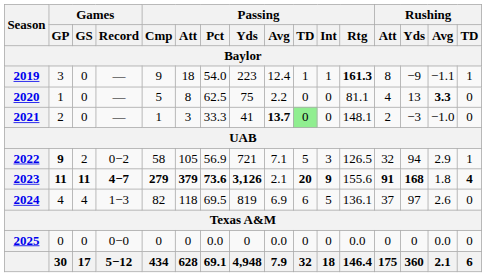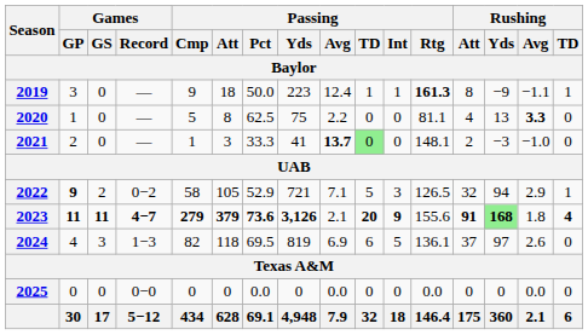 <table class="wikitable" style="text-align:center;">
 <tr>
 <th rowspan="2">Season</th>
 <th colspan="3">Games</th>
 <th colspan="8">Passing</th>
 <th colspan="5">Rushing</th>
 </tr>
 <tr>
 <th>GP</th>
 <th>GS</th>
 <th>Record</th>
 <th>Cmp</th>
 <th>Att</th>
 <th>Pct</th>
 <th>Yds</th>
 <th>Avg</th>
 <th>TD</th>
 <th>Int</th>
 <th>Rtg</th>
 <th>Att</th>
 <th>Yds</th>
 <th>Avg</th>
 <th>TD</th>
 </tr>
 <tr>
 <th colspan="16">Baylor</th>
 </tr>
 <tr>
 <th><a href='#'>2019</a></th>
 <td>3</td>
 <td>0</td>
 <td>—</td>
 <td>9</td>
 <td>18</td>
-<td>54.0</td>
+<td>50.0</td>
 <td>223</td>
 <td>12.4</td>
 <td>1</td>
 <td>1</td>
 <td><strong>161.3</strong></td>
 <td>8</td>
 <td>−9</td>
 <td>−1.1</td>
 <td>1</td>
 </tr>
 <tr>
 <th><a href='#'>2020</a></th>
 <td>1</td>
 <td>0</td>
 <td>—</td>
 <td>5</td>
 <td>8</td>
 <td>62.5</td>
 <td>75</td>
 <td>2.2</td>
 <td>0</td>
 <td>0</td>
 <td>81.1</td>
 <td>4</td>
 <td>13</td>
 <td><strong>3.3</strong></td>
 <td>0</td>
 </tr>
 <tr>
 <th><a href='#'>2021</a></th>
 <td>2</td>
 <td>0</td>
 <td>—</td>
 <td>1</td>
 <td>3</td>
 <td>33.3</td>
 <td>41</td>
 <td><strong>13.7</strong></td>
 <td style="background: lightgreen;">0</td>
 <td>0</td>
 <td>148.1</td>
 <td>2</td>
 <td>−3</td>
 <td>−1.0</td>
 <td>0</td>
 </tr>
 <tr>
 <th colspan="16">UAB</th>
 </tr>
 <tr>
 <th><a href='#'>2022</a></th>
 <td><strong>9</strong></td>
 <td>2</td>
 <td>0−2</td>
 <td>58</td>
 <td>105</td>
-<td>56.9</td>
+<td>52.9</td>
 <td>721</td>
 <td>7.1</td>
 <td>5</td>
 <td>3</td>
 <td>126.5</td>
 <td>32</td>
 <td>94</td>
 <td>2.9</td>
 <td>1</td>
 </tr>
 <tr>
 <th><a href='#'>2023</a></th>
 <td><strong>11</strong></td>
 <td><strong>11</strong></td>
 <td><strong>4−7</strong></td>
 <td><strong>279</strong></td>
 <td><strong>379</strong></td>
 <td><strong>73.6</strong></td>
 <td><strong>3,126</strong></td>
 <td>2.1</td>
 <td><strong>20</strong></td>
 <td><strong>9</strong></td>
 <td>155.6</td>
 <td><strong>91</strong></td>
-<td><strong>168</strong></td>
+<td style="background: lightgreen;"><strong>168</strong></td>
 <td>1.8</td>
 <td><strong>4</strong></td>
 </tr>
 <tr>
 <th><a href='#'>2024</a></th>
 <td>4</td>
-<td>4</td>
+<td>3</td>
 <td>1−3</td>
 <td>82</td>
 <td>118</td>
 <td>69.5</td>
 <td>819</td>
 <td>6.9</td>
 <td>6</td>
 <td>5</td>
 <td>136.1</td>
 <td>37</td>
 <td>97</td>
 <td>2.6</td>
 <td>0</td>
 </tr>
 <tr>
 <th colspan="16">Texas A&M</th>
 </tr>
 <tr>
 <th><a href='#'>2025</a></th>
 <td>0</td>
 <td>0</td>
 <td>0−0</td>
 <td>0</td>
 <td>0</td>
 <td>0.0</td>
 <td>0</td>
 <td>0.0</td>
 <td>0</td>
 <td>0</td>
 <td>0.0</td>
 <td>0</td>
 <td>0</td>
 <td>0.0</td>
 <td>0</td>
 </tr>
 <tr>
 <th></th>
 <th>30</th>
 <th>17</th>
 <th>5−12</th>
 <th>434</th>
 <th>628</th>
 <th>69.1</th>
 <th>4,948</th>
 <th>7.9</th>
 <th>32</th>
 <th>18</th>
 <th>146.4</th>
 <th>175</th>
 <th>360</th>
 <th>2.1</th>
 <th>6</th>
 </tr>
 </table>
